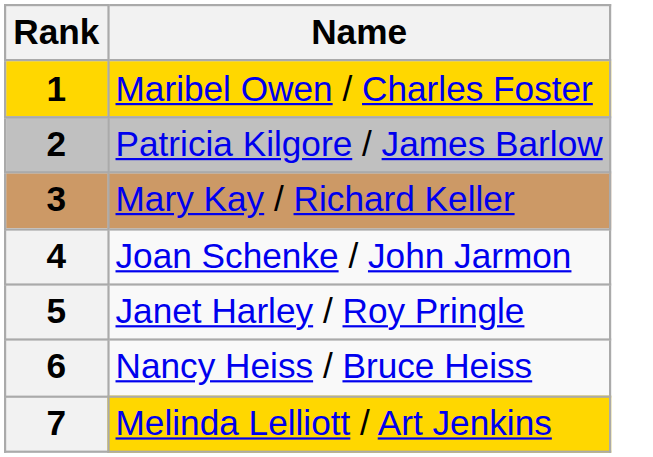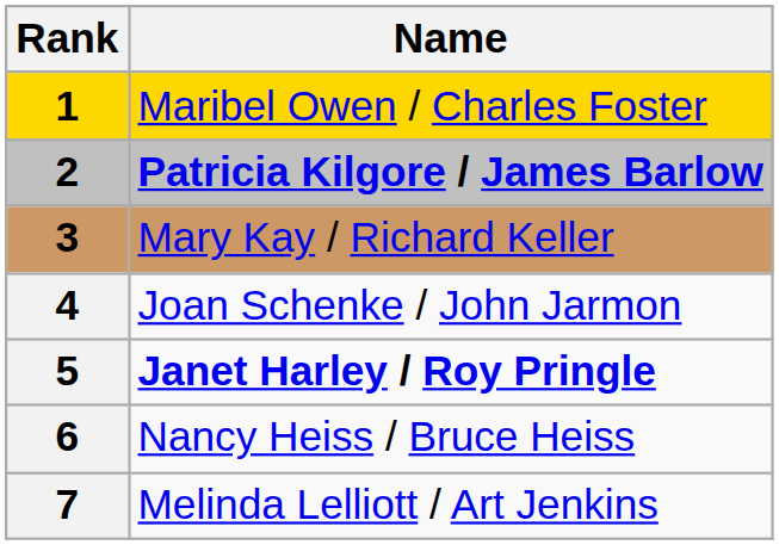 <table class="wikitable">
 <tr>
 <th>Rank</th>
 <th>Name</th>
 </tr>
 <tr bgcolor="gold">
 <td align="center"><strong>1</strong></td>
 <td><a href='#'>Maribel Owen</a> / <a href='#'>Charles Foster</a></td>
 </tr>
 <tr bgcolor="silver">
 <td align="center"><strong>2</strong></td>
-<td><a href='#'>Patricia Kilgore</a> / <a href='#'>James Barlow</a></td>
+<td><strong><a href='#'>Patricia Kilgore</a> / <a href='#'>James Barlow</a></strong></td>
 </tr>
 <tr bgcolor="cc9966">
 <td align="center"><strong>3</strong></td>
 <td><a href='#'>Mary Kay</a> / <a href='#'>Richard Keller</a></td>
 </tr>
 <tr>
 <th>4</th>
 <td><a href='#'>Joan Schenke</a> / <a href='#'>John Jarmon</a></td>
 </tr>
 <tr>
 <th>5</th>
-<td><a href='#'>Janet Harley</a> / <a href='#'>Roy Pringle</a></td>
+<td><strong><a href='#'>Janet Harley</a> / <a href='#'>Roy Pringle</a></strong></td>
 </tr>
 <tr>
 <th>6</th>
 <td><a href='#'>Nancy Heiss</a> / <a href='#'>Bruce Heiss</a></td>
 </tr>
 <tr>
 <th>7</th>
-<td style="background: gold;"><a href='#'>Melinda Lelliott</a> / <a href='#'>Art Jenkins</a></td>
+<td><a href='#'>Melinda Lelliott</a> / <a href='#'>Art Jenkins</a></td>
 </tr>
 </table>
